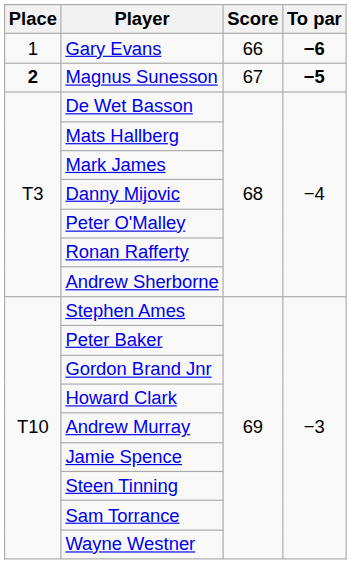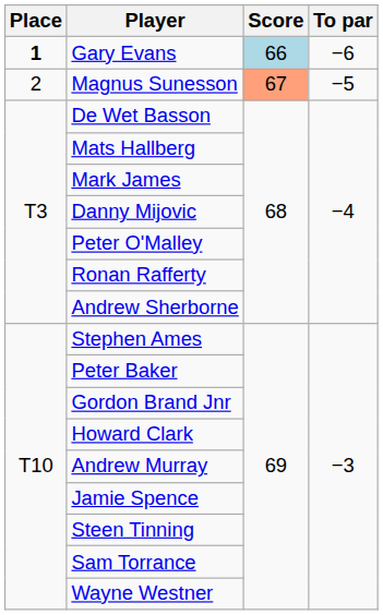 <table class="wikitable">
 <tr>
 <th>Place</th>
 <th>Player</th>
 <th>Score</th>
 <th>To par</th>
 </tr>
 <tr>
-<td align=center>1</td>
+<td align=center><strong>1</strong></td>
 <td> <a href='#'>Gary Evans</a></td>
-<td align=center>66</td>
-<td align=center><strong>−6</strong></td>
+<td align=center style="background: lightblue;">66</td>
+<td align=center>−6</td>
 </tr>
 <tr>
-<td align=center><strong>2</strong></td>
+<td align=center>2</td>
 <td> <a href='#'>Magnus Sunesson</a></td>
-<td align=center>67</td>
-<td align=center><strong>−5</strong></td>
+<td align=center style="background: lightsalmon;">67</td>
+<td align=center>−5</td>
 </tr>
 <tr>
 <td rowspan="7" align=center>T3</td>
 <td> <a href='#'>De Wet Basson</a></td>
 <td rowspan="7" align=center>68</td>
 <td rowspan="7" align=center>−4</td>
 </tr>
 <tr>
 <td> <a href='#'>Mats Hallberg</a></td>
 </tr>
 <tr>
 <td> <a href='#'>Mark James</a></td>
 </tr>
 <tr>
 <td> <a href='#'>Danny Mijovic</a></td>
 </tr>
 <tr>
 <td> <a href='#'>Peter O'Malley</a></td>
 </tr>
 <tr>
 <td> <a href='#'>Ronan Rafferty</a></td>
 </tr>
 <tr>
 <td> <a href='#'>Andrew Sherborne</a></td>
 </tr>
 <tr>
 <td rowspan="9" align=center>T10</td>
 <td> <a href='#'>Stephen Ames</a></td>
 <td rowspan="9" align=center>69</td>
 <td rowspan="9" align=center>−3</td>
 </tr>
 <tr>
 <td> <a href='#'>Peter Baker</a></td>
 </tr>
 <tr>
 <td> <a href='#'>Gordon Brand Jnr</a></td>
 </tr>
 <tr>
 <td> <a href='#'>Howard Clark</a></td>
 </tr>
 <tr>
 <td> <a href='#'>Andrew Murray</a></td>
 </tr>
 <tr>
 <td> <a href='#'>Jamie Spence</a></td>
 </tr>
 <tr>
 <td> <a href='#'>Steen Tinning</a></td>
 </tr>
 <tr>
 <td> <a href='#'>Sam Torrance</a></td>
 </tr>
 <tr>
 <td> <a href='#'>Wayne Westner</a></td>
 </tr>
 </table>
